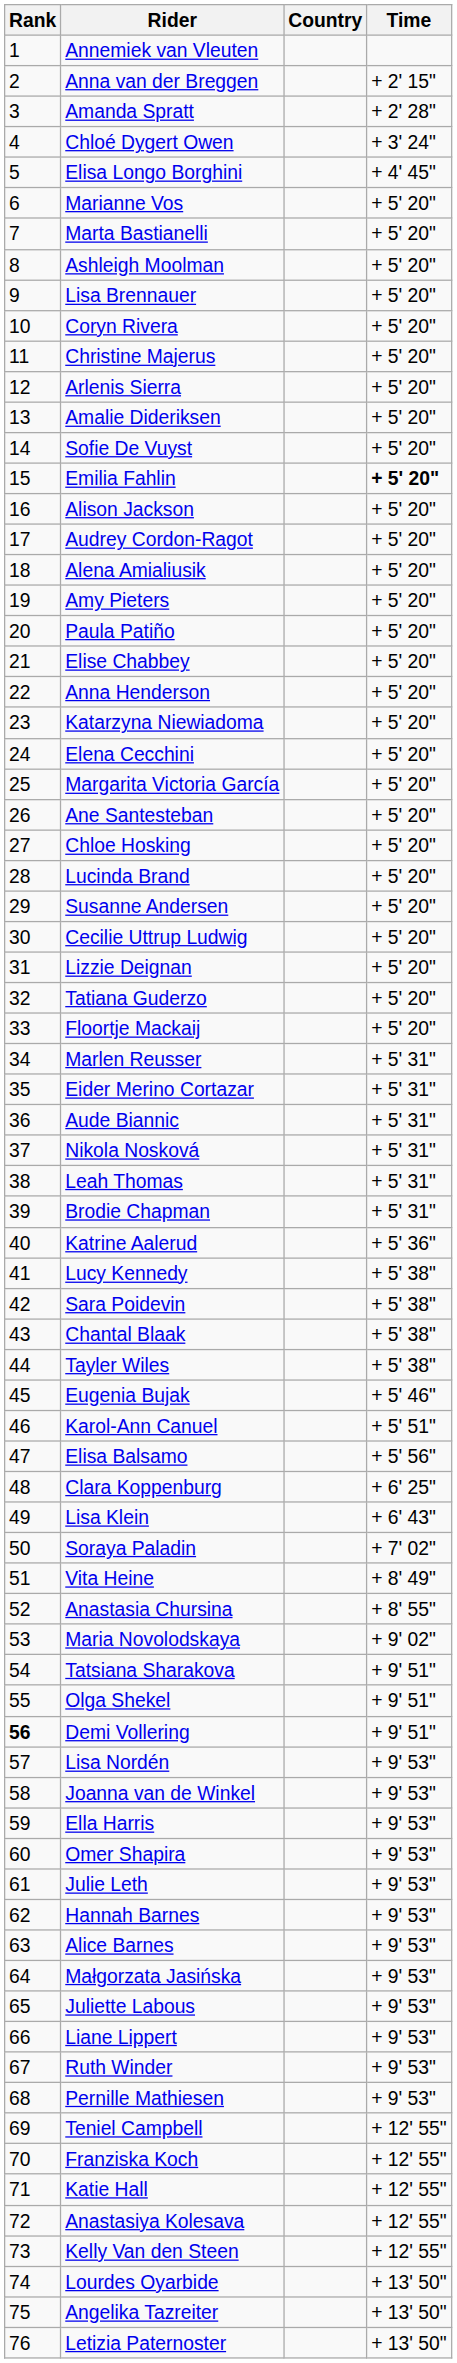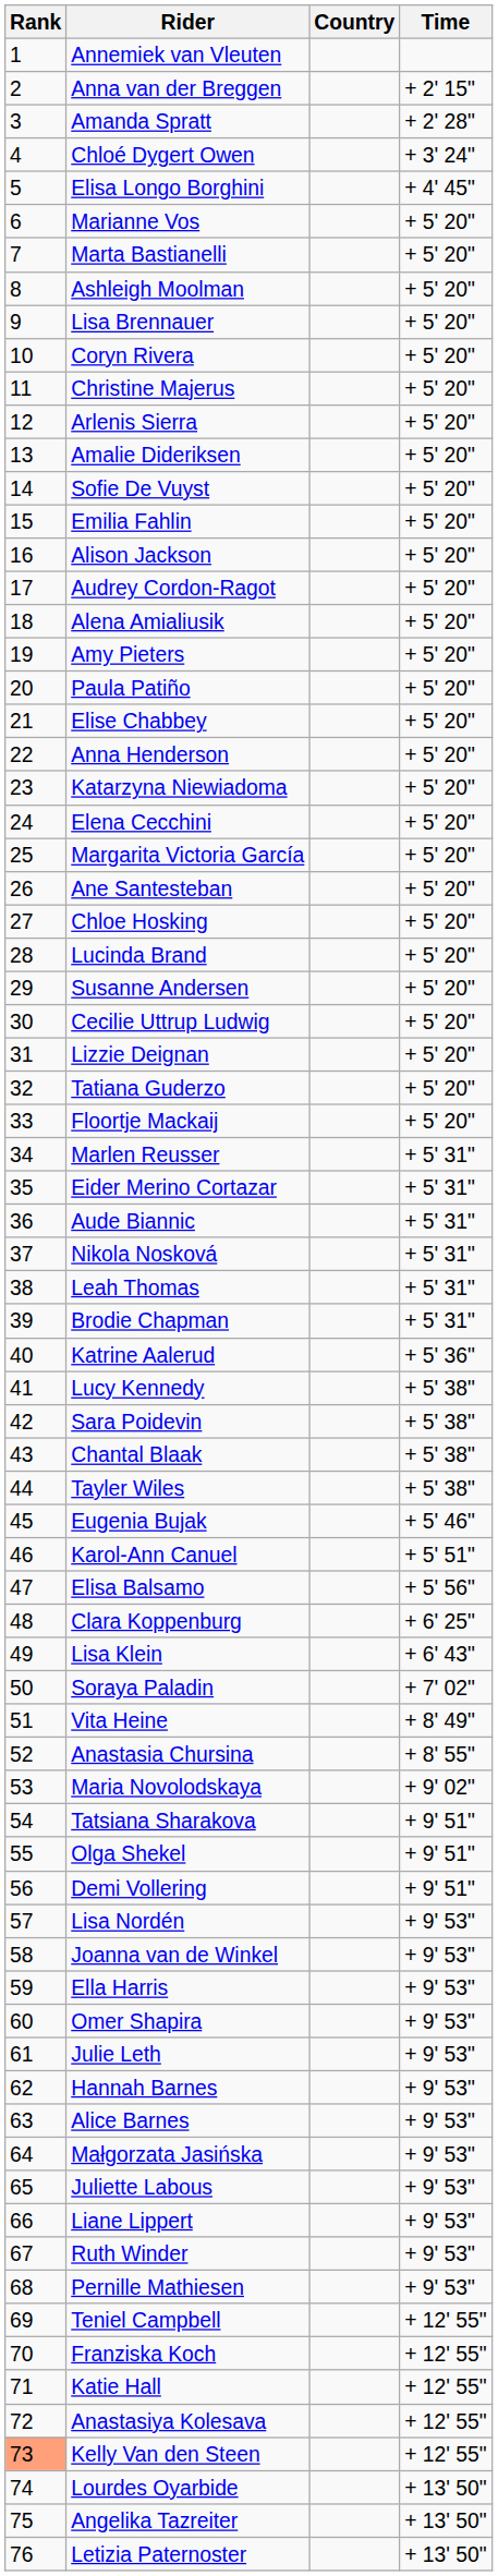 <table class="wikitable sortable" style="font-size:95%; text-align:left;">
 <tr>
 <th>Rank</th>
 <th>Rider</th>
 <th>Country</th>
 <th>Time</th>
 </tr>
 <tr>
 <td>1</td>
 <td><a href='#'>Annemiek van Vleuten</a></td>
 <td></td>
 <td></td>
 </tr>
 <tr>
 <td>2</td>
 <td><a href='#'>Anna van der Breggen</a></td>
 <td></td>
 <td>+ 2' 15"</td>
 </tr>
 <tr>
 <td>3</td>
 <td><a href='#'>Amanda Spratt</a></td>
 <td></td>
 <td>+ 2' 28"</td>
 </tr>
 <tr>
 <td>4</td>
 <td><a href='#'>Chloé Dygert Owen</a></td>
 <td></td>
 <td>+ 3' 24"</td>
 </tr>
 <tr>
 <td>5</td>
 <td><a href='#'>Elisa Longo Borghini</a></td>
 <td></td>
 <td>+ 4' 45"</td>
 </tr>
 <tr>
 <td>6</td>
 <td><a href='#'>Marianne Vos</a></td>
 <td></td>
 <td>+ 5' 20"</td>
 </tr>
 <tr>
 <td>7</td>
 <td><a href='#'>Marta Bastianelli</a></td>
 <td></td>
 <td>+ 5' 20"</td>
 </tr>
 <tr>
 <td>8</td>
 <td><a href='#'>Ashleigh Moolman</a></td>
 <td></td>
 <td>+ 5' 20"</td>
 </tr>
 <tr>
 <td>9</td>
 <td><a href='#'>Lisa Brennauer</a></td>
 <td></td>
 <td>+ 5' 20"</td>
 </tr>
 <tr>
 <td>10</td>
 <td><a href='#'>Coryn Rivera</a></td>
 <td></td>
 <td>+ 5' 20"</td>
 </tr>
 <tr>
 <td>11</td>
 <td><a href='#'>Christine Majerus</a></td>
 <td></td>
 <td>+ 5' 20"</td>
 </tr>
 <tr>
 <td>12</td>
 <td><a href='#'>Arlenis Sierra</a></td>
 <td></td>
 <td>+ 5' 20"</td>
 </tr>
 <tr>
 <td>13</td>
 <td><a href='#'>Amalie Dideriksen</a></td>
 <td></td>
 <td>+ 5' 20"</td>
 </tr>
 <tr>
 <td>14</td>
 <td><a href='#'>Sofie De Vuyst</a></td>
 <td></td>
 <td>+ 5' 20"</td>
 </tr>
 <tr>
 <td>15</td>
 <td><a href='#'>Emilia Fahlin</a></td>
 <td></td>
-<td><strong>+ 5' 20"</strong></td>
+<td>+ 5' 20"</td>
 </tr>
 <tr>
 <td>16</td>
 <td><a href='#'>Alison Jackson</a></td>
 <td></td>
 <td>+ 5' 20"</td>
 </tr>
 <tr>
 <td>17</td>
 <td><a href='#'>Audrey Cordon-Ragot</a></td>
 <td></td>
 <td>+ 5' 20"</td>
 </tr>
 <tr>
 <td>18</td>
 <td><a href='#'>Alena Amialiusik</a></td>
 <td></td>
 <td>+ 5' 20"</td>
 </tr>
 <tr>
 <td>19</td>
 <td><a href='#'>Amy Pieters</a></td>
 <td></td>
 <td>+ 5' 20"</td>
 </tr>
 <tr>
 <td>20</td>
 <td><a href='#'>Paula Patiño</a></td>
 <td></td>
 <td>+ 5' 20"</td>
 </tr>
 <tr>
 <td>21</td>
 <td><a href='#'>Elise Chabbey</a></td>
 <td></td>
 <td>+ 5' 20"</td>
 </tr>
 <tr>
 <td>22</td>
 <td><a href='#'>Anna Henderson</a></td>
 <td></td>
 <td>+ 5' 20"</td>
 </tr>
 <tr>
 <td>23</td>
 <td><a href='#'>Katarzyna Niewiadoma</a></td>
 <td></td>
 <td>+ 5' 20"</td>
 </tr>
 <tr>
 <td>24</td>
 <td><a href='#'>Elena Cecchini</a></td>
 <td></td>
 <td>+ 5' 20"</td>
 </tr>
 <tr>
 <td>25</td>
 <td><a href='#'>Margarita Victoria García</a></td>
 <td></td>
 <td>+ 5' 20"</td>
 </tr>
 <tr>
 <td>26</td>
 <td><a href='#'>Ane Santesteban</a></td>
 <td></td>
 <td>+ 5' 20"</td>
 </tr>
 <tr>
 <td>27</td>
 <td><a href='#'>Chloe Hosking</a></td>
 <td></td>
 <td>+ 5' 20"</td>
 </tr>
 <tr>
 <td>28</td>
 <td><a href='#'>Lucinda Brand</a></td>
 <td></td>
 <td>+ 5' 20"</td>
 </tr>
 <tr>
 <td>29</td>
 <td><a href='#'>Susanne Andersen</a></td>
 <td></td>
 <td>+ 5' 20"</td>
 </tr>
 <tr>
 <td>30</td>
 <td><a href='#'>Cecilie Uttrup Ludwig</a></td>
 <td></td>
 <td>+ 5' 20"</td>
 </tr>
 <tr>
 <td>31</td>
 <td><a href='#'>Lizzie Deignan</a></td>
 <td></td>
 <td>+ 5' 20"</td>
 </tr>
 <tr>
 <td>32</td>
 <td><a href='#'>Tatiana Guderzo</a></td>
 <td></td>
 <td>+ 5' 20"</td>
 </tr>
 <tr>
 <td>33</td>
 <td><a href='#'>Floortje Mackaij</a></td>
 <td></td>
 <td>+ 5' 20"</td>
 </tr>
 <tr>
 <td>34</td>
 <td><a href='#'>Marlen Reusser</a></td>
 <td></td>
 <td>+ 5' 31"</td>
 </tr>
 <tr>
 <td>35</td>
 <td><a href='#'>Eider Merino Cortazar</a></td>
 <td></td>
 <td>+ 5' 31"</td>
 </tr>
 <tr>
 <td>36</td>
 <td><a href='#'>Aude Biannic</a></td>
 <td></td>
 <td>+ 5' 31"</td>
 </tr>
 <tr>
 <td>37</td>
 <td><a href='#'>Nikola Nosková</a></td>
 <td></td>
 <td>+ 5' 31"</td>
 </tr>
 <tr>
 <td>38</td>
 <td><a href='#'>Leah Thomas</a></td>
 <td></td>
 <td>+ 5' 31"</td>
 </tr>
 <tr>
 <td>39</td>
 <td><a href='#'>Brodie Chapman</a></td>
 <td></td>
 <td>+ 5' 31"</td>
 </tr>
 <tr>
 <td>40</td>
 <td><a href='#'>Katrine Aalerud</a></td>
 <td></td>
 <td>+ 5' 36"</td>
 </tr>
 <tr>
 <td>41</td>
 <td><a href='#'>Lucy Kennedy</a></td>
 <td></td>
 <td>+ 5' 38"</td>
 </tr>
 <tr>
 <td>42</td>
 <td><a href='#'>Sara Poidevin</a></td>
 <td></td>
 <td>+ 5' 38"</td>
 </tr>
 <tr>
 <td>43</td>
 <td><a href='#'>Chantal Blaak</a></td>
 <td></td>
 <td>+ 5' 38"</td>
 </tr>
 <tr>
 <td>44</td>
 <td><a href='#'>Tayler Wiles</a></td>
 <td></td>
 <td>+ 5' 38"</td>
 </tr>
 <tr>
 <td>45</td>
 <td><a href='#'>Eugenia Bujak</a></td>
 <td></td>
 <td>+ 5' 46"</td>
 </tr>
 <tr>
 <td>46</td>
 <td><a href='#'>Karol-Ann Canuel</a></td>
 <td></td>
 <td>+ 5' 51"</td>
 </tr>
 <tr>
 <td>47</td>
 <td><a href='#'>Elisa Balsamo</a></td>
 <td></td>
 <td>+ 5' 56"</td>
 </tr>
 <tr>
 <td>48</td>
 <td><a href='#'>Clara Koppenburg</a></td>
 <td></td>
 <td>+ 6' 25"</td>
 </tr>
 <tr>
 <td>49</td>
 <td><a href='#'>Lisa Klein</a></td>
 <td></td>
 <td>+ 6' 43"</td>
 </tr>
 <tr>
 <td>50</td>
 <td><a href='#'>Soraya Paladin</a></td>
 <td></td>
 <td>+ 7' 02"</td>
 </tr>
 <tr>
 <td>51</td>
 <td><a href='#'>Vita Heine</a></td>
 <td></td>
 <td>+ 8' 49"</td>
 </tr>
 <tr>
 <td>52</td>
 <td><a href='#'>Anastasia Chursina</a></td>
 <td></td>
 <td>+ 8' 55"</td>
 </tr>
 <tr>
 <td>53</td>
 <td><a href='#'>Maria Novolodskaya</a></td>
 <td></td>
 <td>+ 9' 02"</td>
 </tr>
 <tr>
 <td>54</td>
 <td><a href='#'>Tatsiana Sharakova</a></td>
 <td></td>
 <td>+ 9' 51"</td>
 </tr>
 <tr>
 <td>55</td>
 <td><a href='#'>Olga Shekel</a></td>
 <td></td>
 <td>+ 9' 51"</td>
 </tr>
 <tr>
-<td><strong>56</strong></td>
+<td>56</td>
 <td><a href='#'>Demi Vollering</a></td>
 <td></td>
 <td>+ 9' 51"</td>
 </tr>
 <tr>
 <td>57</td>
 <td><a href='#'>Lisa Nordén</a></td>
 <td></td>
 <td>+ 9' 53"</td>
 </tr>
 <tr>
 <td>58</td>
 <td><a href='#'>Joanna van de Winkel</a></td>
 <td></td>
 <td>+ 9' 53"</td>
 </tr>
 <tr>
 <td>59</td>
 <td><a href='#'>Ella Harris</a></td>
 <td></td>
 <td>+ 9' 53"</td>
 </tr>
 <tr>
 <td>60</td>
 <td><a href='#'>Omer Shapira</a></td>
 <td></td>
 <td>+ 9' 53"</td>
 </tr>
 <tr>
 <td>61</td>
 <td><a href='#'>Julie Leth</a></td>
 <td></td>
 <td>+ 9' 53"</td>
 </tr>
 <tr>
 <td>62</td>
 <td><a href='#'>Hannah Barnes</a></td>
 <td></td>
 <td>+ 9' 53"</td>
 </tr>
 <tr>
 <td>63</td>
 <td><a href='#'>Alice Barnes</a></td>
 <td></td>
 <td>+ 9' 53"</td>
 </tr>
 <tr>
 <td>64</td>
 <td><a href='#'>Małgorzata Jasińska</a></td>
 <td></td>
 <td>+ 9' 53"</td>
 </tr>
 <tr>
 <td>65</td>
 <td><a href='#'>Juliette Labous</a></td>
 <td></td>
 <td>+ 9' 53"</td>
 </tr>
 <tr>
 <td>66</td>
 <td><a href='#'>Liane Lippert</a></td>
 <td></td>
 <td>+ 9' 53"</td>
 </tr>
 <tr>
 <td>67</td>
 <td><a href='#'>Ruth Winder</a></td>
 <td></td>
 <td>+ 9' 53"</td>
 </tr>
 <tr>
 <td>68</td>
 <td><a href='#'>Pernille Mathiesen</a></td>
 <td></td>
 <td>+ 9' 53"</td>
 </tr>
 <tr>
 <td>69</td>
 <td><a href='#'>Teniel Campbell</a></td>
 <td></td>
 <td>+ 12' 55"</td>
 </tr>
 <tr>
 <td>70</td>
 <td><a href='#'>Franziska Koch</a></td>
 <td></td>
 <td>+ 12' 55"</td>
 </tr>
 <tr>
 <td>71</td>
 <td><a href='#'>Katie Hall</a></td>
 <td></td>
 <td>+ 12' 55"</td>
 </tr>
 <tr>
 <td>72</td>
 <td><a href='#'>Anastasiya Kolesava</a></td>
 <td></td>
 <td>+ 12' 55"</td>
 </tr>
 <tr>
-<td>73</td>
+<td style="background: lightsalmon;">73</td>
 <td><a href='#'>Kelly Van den Steen</a></td>
 <td></td>
 <td>+ 12' 55"</td>
 </tr>
 <tr>
 <td>74</td>
 <td><a href='#'>Lourdes Oyarbide</a></td>
 <td></td>
 <td>+ 13' 50"</td>
 </tr>
 <tr>
 <td>75</td>
 <td><a href='#'>Angelika Tazreiter</a></td>
 <td></td>
 <td>+ 13' 50"</td>
 </tr>
 <tr>
 <td>76</td>
 <td><a href='#'>Letizia Paternoster</a></td>
 <td></td>
 <td>+ 13' 50"</td>
 </tr>
 </table>
